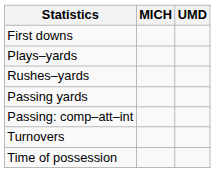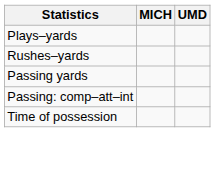 <table class="wikitable" style="float:left">
 <tr>
 <th>Statistics</th>
 <th>MICH</th>
 <th>UMD</th>
-</tr>
-<tr>
-<td>First downs</td>
-<td></td>
-<td></td>
 </tr>
 <tr>
 <td>Plays–yards</td>
 <td></td>
 <td></td>
 </tr>
 <tr>
 <td>Rushes–yards</td>
 <td></td>
 <td></td>
 </tr>
 <tr>
 <td>Passing yards</td>
 <td></td>
 <td></td>
 </tr>
 <tr>
 <td>Passing: comp–att–int</td>
 <td></td>
 <td></td>
 </tr>
 <tr>
-<td>Turnovers</td>
-<td></td>
-<td></td>
-</tr>
-<tr>
 <td>Time of possession</td>
 <td></td>
 <td></td>
 </tr>
 </table>
